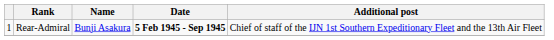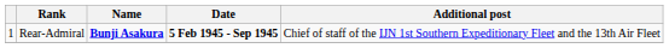 <table class=wikitable>
 <tr>
 <th></th>
 <th>Rank</th>
 <th>Name</th>
 <th>Date</th>
 <th>Additional post</th>
 </tr>
 <tr>
 <td>1</td>
 <td>Rear-Admiral</td>
-<td><a href='#'>Bunji Asakura</a></td>
+<td><strong><a href='#'>Bunji Asakura</a></strong></td>
 <td><strong>5 Feb 1945 - Sep 1945</strong></td>
 <td>Chief of staff of the <a href='#'>IJN 1st Southern Expeditionary Fleet</a> and the 13th Air Fleet</td>
 </tr>
 <tr>
 </tr>
 </table>
